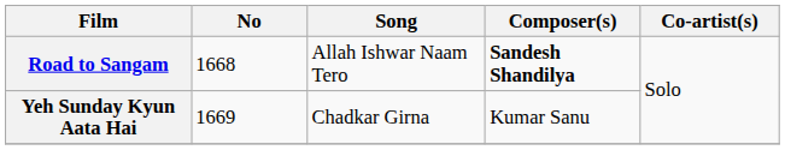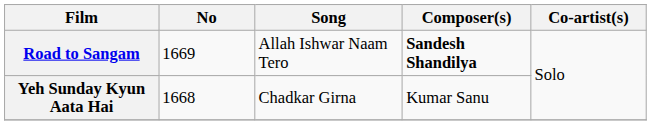 <table class="wikitable plainrowheaders" style="width:100%; textcolor:#000">
 <tr>
 <th scope="col" style="width:24%;">Film</th>
 <th>No</th>
 <th scope="col" style="width:23%;">Song</th>
 <th scope="col" style="width:20%;">Composer(s)</th>
 <th scope="col" style="width:18%;">Co-artist(s)</th>
 </tr>
 <tr>
 <th><a href='#'>Road to Sangam</a></th>
-<td>1668</td>
+<td>1669</td>
 <td>Allah Ishwar Naam Tero</td>
 <td><strong>Sandesh Shandilya</strong></td>
 <td rowspan=2>Solo</td>
 </tr>
 <tr>
 <th>Yeh Sunday Kyun Aata Hai</th>
-<td>1669</td>
+<td>1668</td>
 <td>Chadkar Girna</td>
 <td>Kumar Sanu</td>
 </tr>
 <tr>
 </tr>
 </table>
